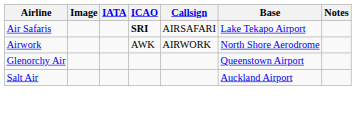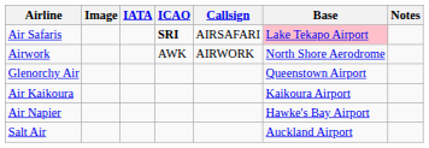 <table class="wikitable sortable" style="border: 0; cellpadding: 2; cellspacing: 3;">
 <tr style="vertical-align:middle;">
 <th>Airline</th>
 <th>Image</th>
 <th><a href='#'>IATA</a></th>
 <th><a href='#'>ICAO</a></th>
 <th><a href='#'>Callsign</a></th>
 <th>Base</th>
 <th class="unsortable">Notes</th>
 </tr>
 <tr>
 <td><a href='#'>Air Safaris</a></td>
 <td></td>
 <td></td>
 <td><strong>SRI</strong></td>
 <td>AIRSAFARI</td>
-<td><a href='#'>Lake Tekapo Airport</a></td>
+<td style="background: pink;"><a href='#'>Lake Tekapo Airport</a></td>
 <td></td>
 </tr>
 <tr>
 <td><a href='#'>Airwork</a></td>
 <td></td>
 <td></td>
 <td>AWK</td>
 <td>AIRWORK</td>
 <td><a href='#'>North Shore Aerodrome</a></td>
 <td></td>
 </tr>
 <tr>
 <td><a href='#'>Glenorchy Air</a></td>
 <td></td>
 <td></td>
 <td></td>
 <td></td>
 <td><a href='#'>Queenstown Airport</a></td>
 <td></td>
 </tr>
 <tr>
+<td><a href='#'>Air Kaikoura</a></td>
+<td></td>
+<td></td>
+<td></td>
+<td></td>
+<td><a href='#'>Kaikoura Airport</a></td>
+<td></td>
+</tr>
+<tr>
+<td><a href='#'>Air Napier</a></td>
+<td></td>
+<td></td>
+<td></td>
+<td></td>
+<td><a href='#'>Hawke's Bay Airport</a></td>
+<td></td>
+</tr>
+<tr>
 <td><a href='#'>Salt Air</a></td>
 <td></td>
 <td></td>
 <td></td>
 <td></td>
 <td><a href='#'>Auckland Airport</a></td>
 <td></td>
 </tr>
 <tr>
 </tr>
 </table>
